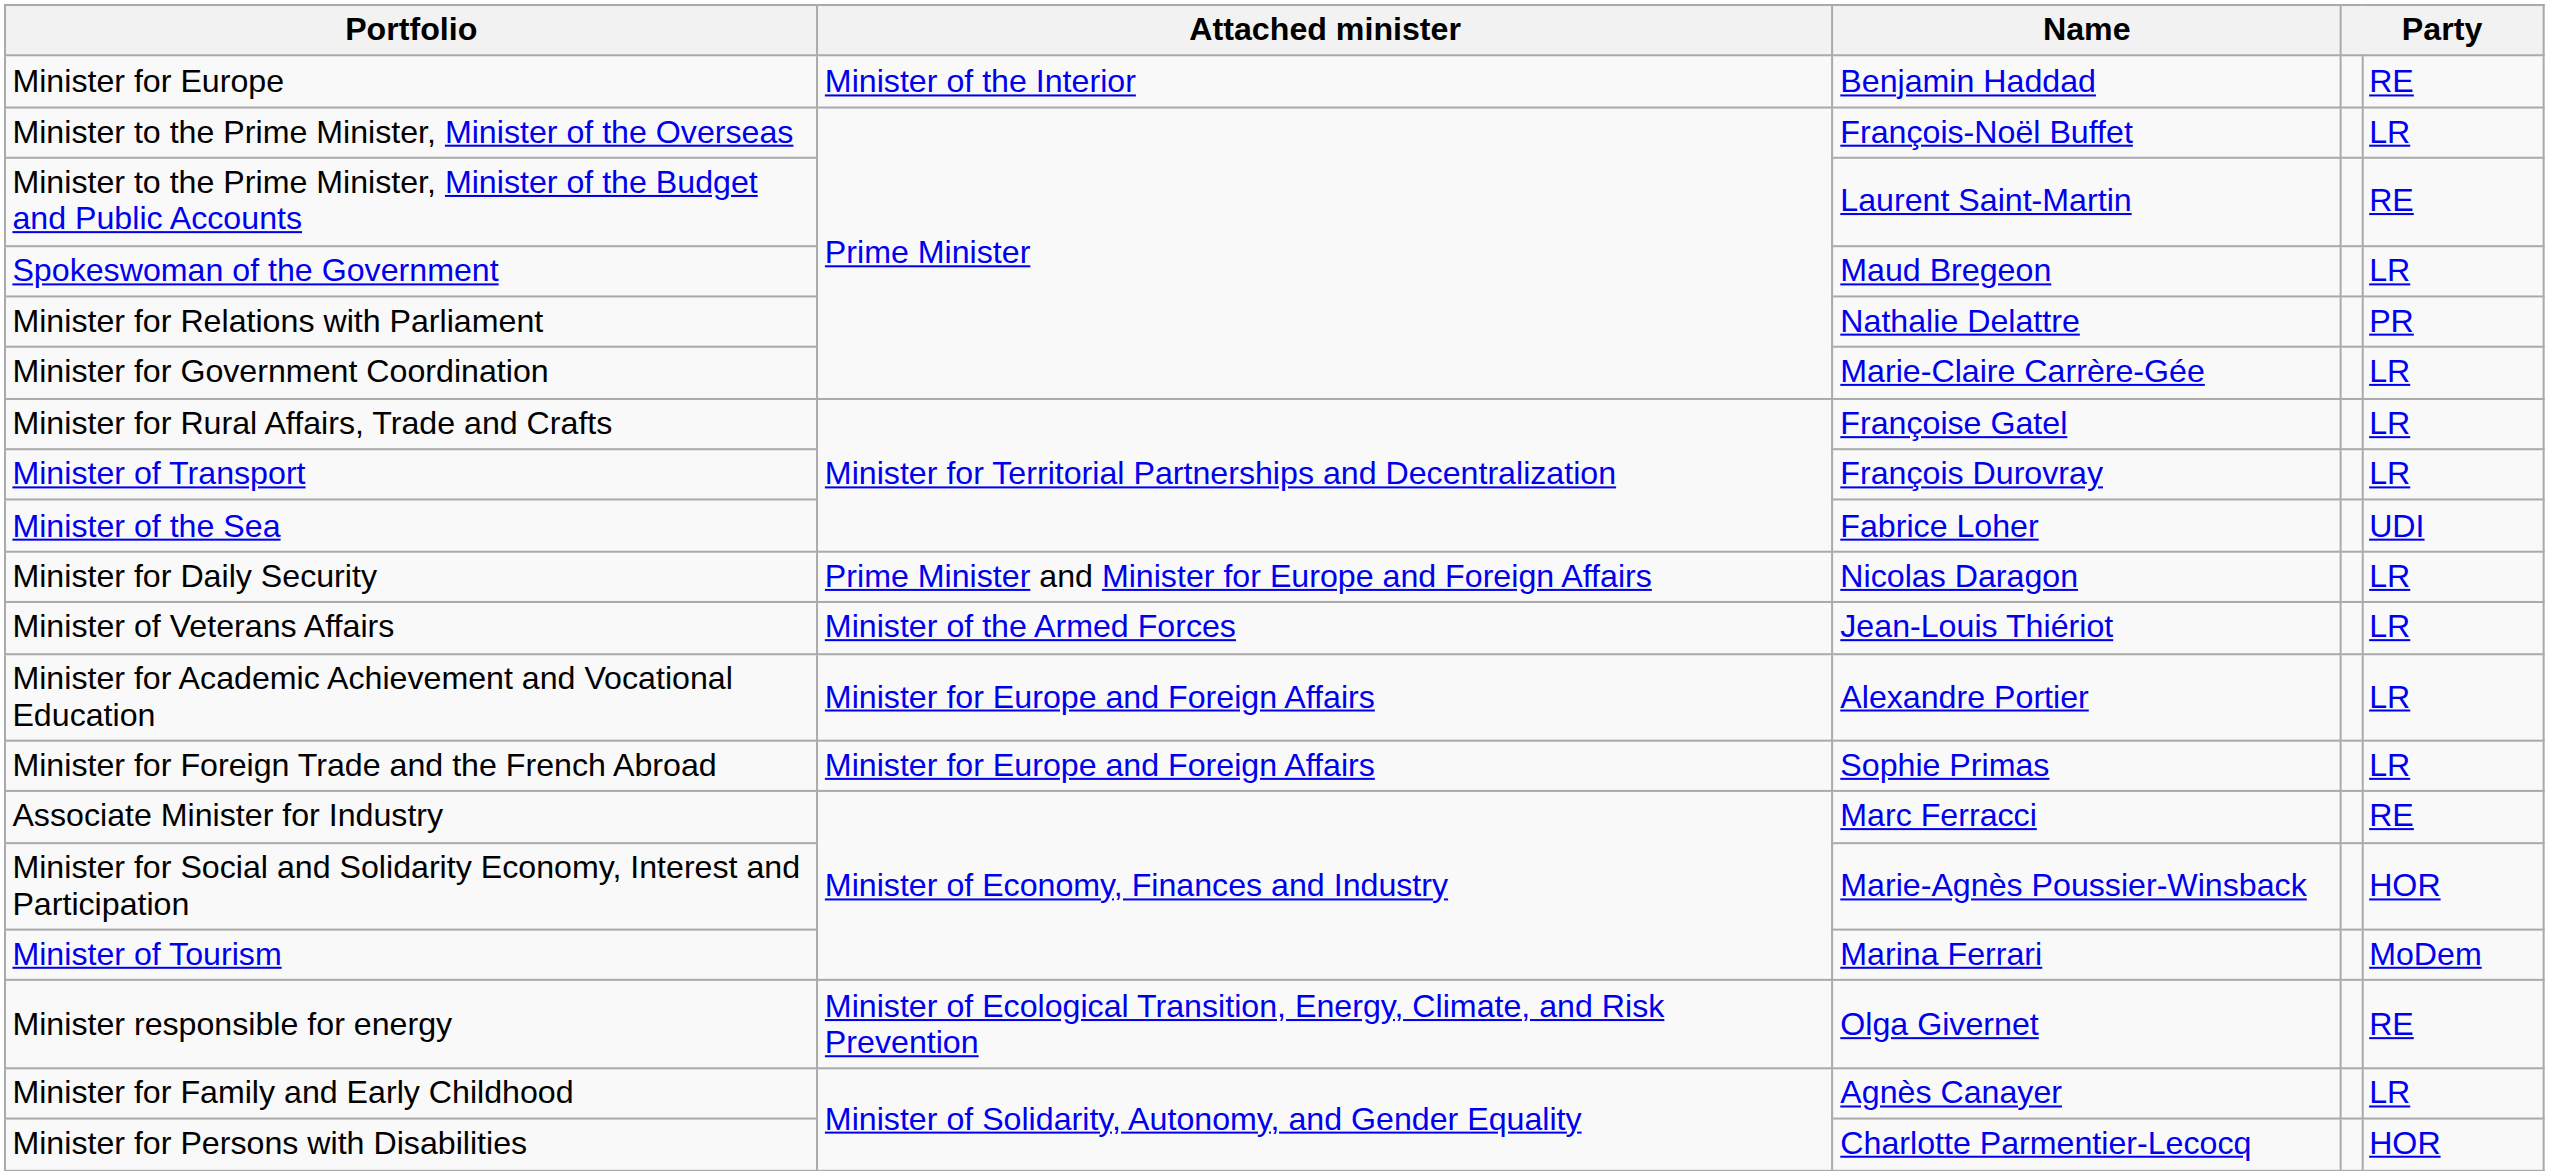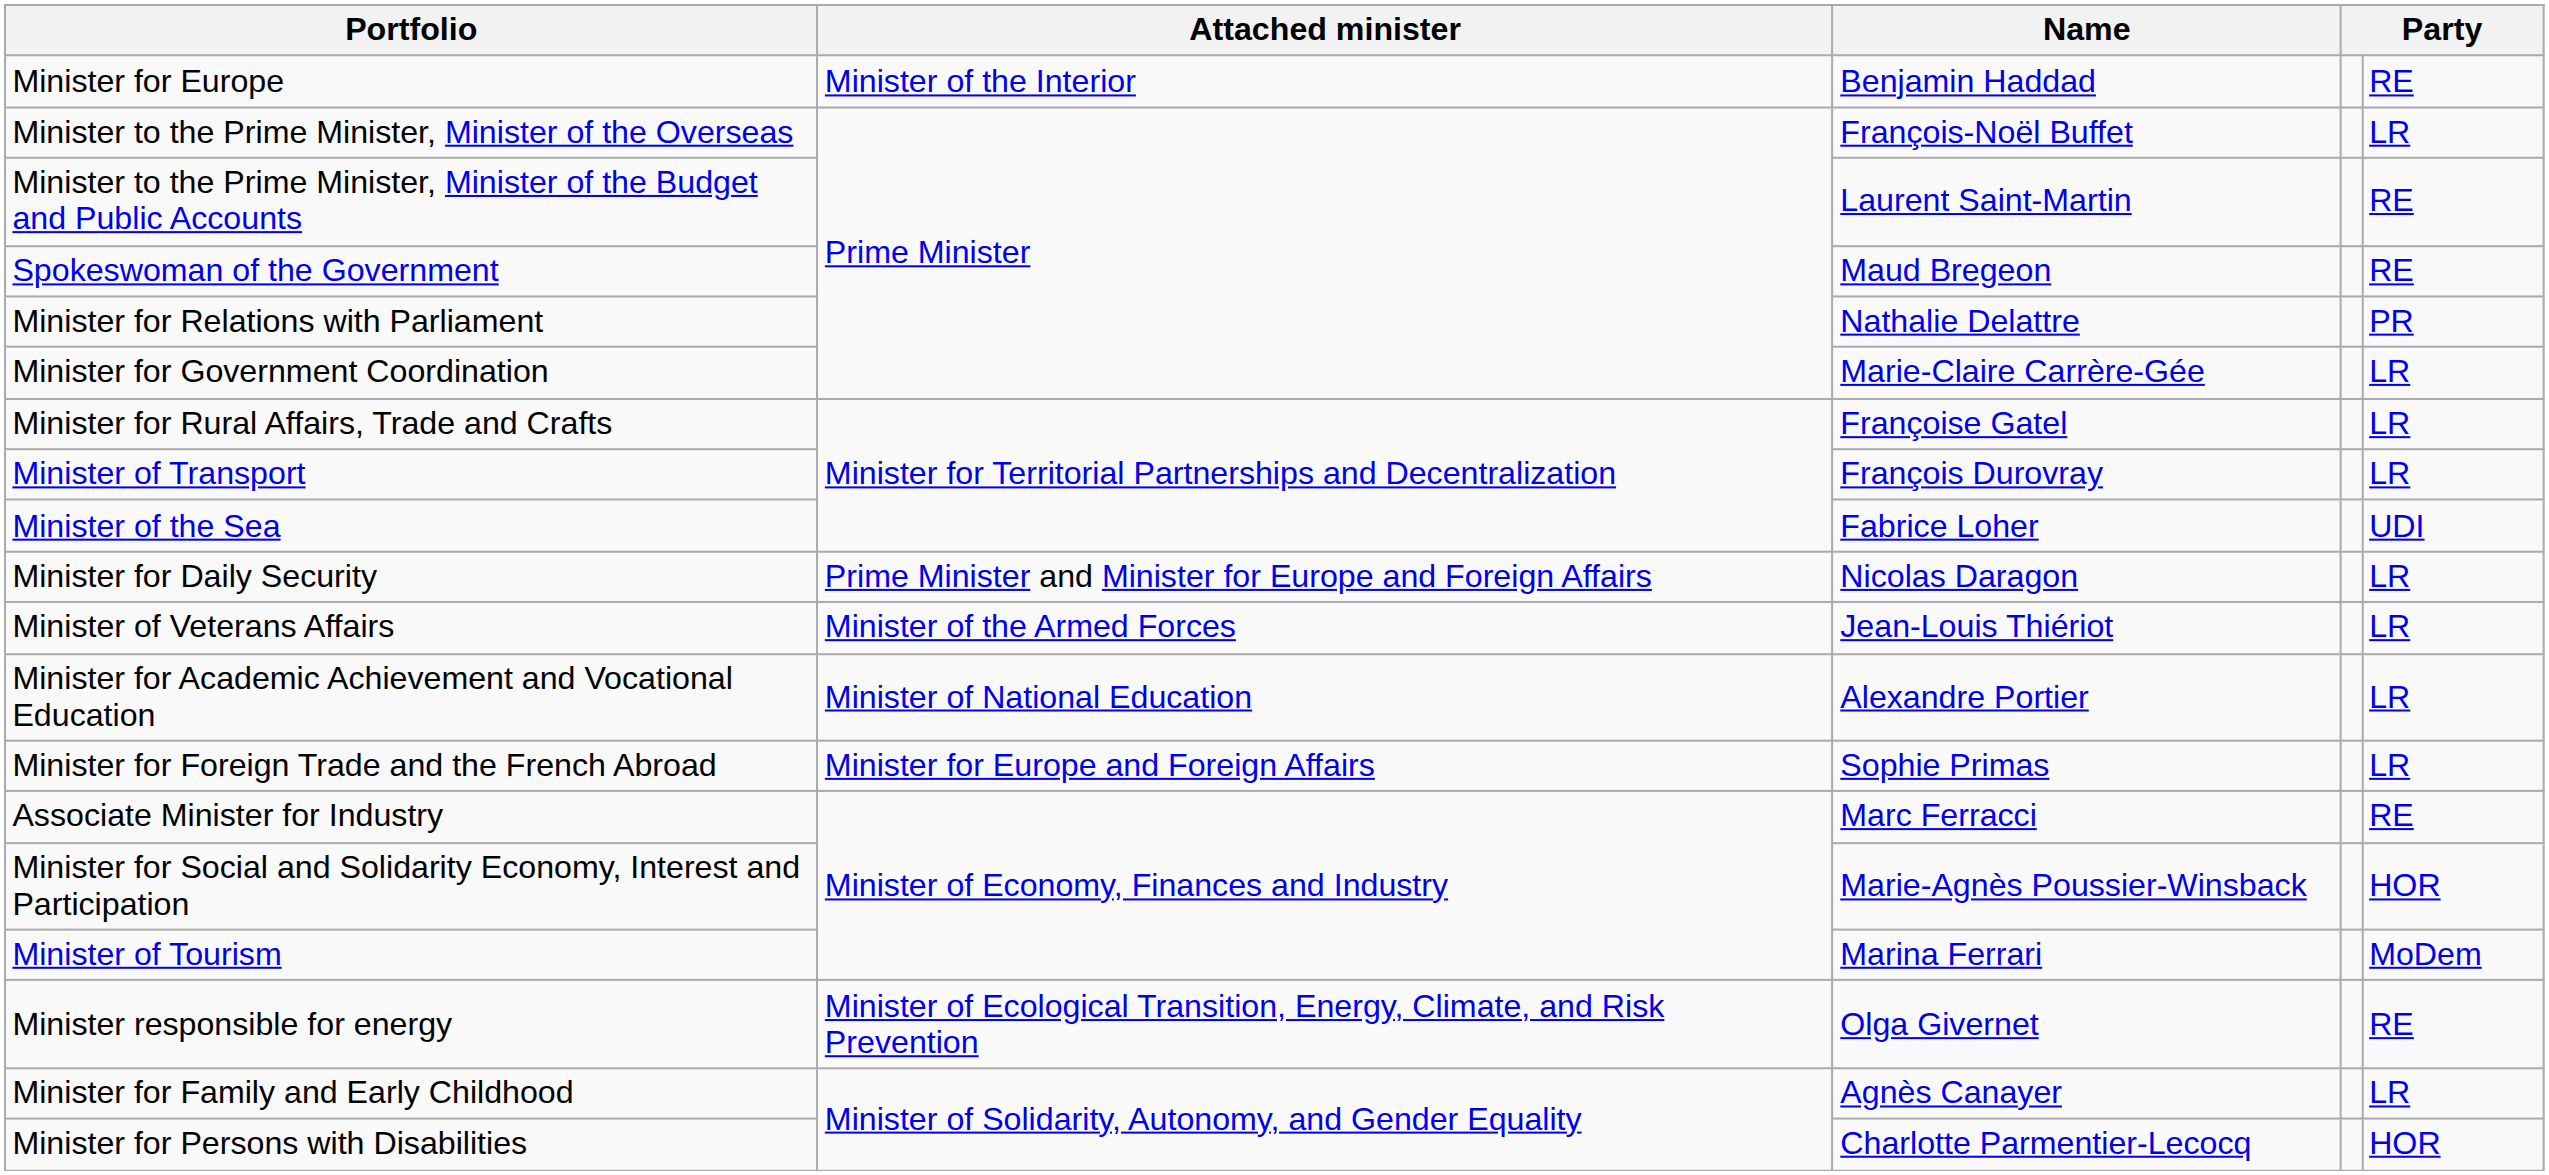 <table class="wikitable" style="width:100%">
 <tr>
 <th>Portfolio</th>
 <th style="width:40%">Attached minister</th>
 <th style="width:20%">Name</th>
 <th style="width:8%" colspan="2">Party</th>
 </tr>
 <tr>
 <td>Minister for Europe</td>
 <td><a href='#'>Minister of the Interior</a></td>
 <td><a href='#'>Benjamin Haddad</a></td>
 <td style="background :"></td>
 <td><a href='#'>RE</a></td>
 </tr>
 <tr>
 <td>Minister to the Prime Minister, <a href='#'>Minister of the Overseas</a></td>
 <td rowspan="5"><a href='#'>Prime Minister</a></td>
 <td><a href='#'>François-Noël Buffet</a></td>
 <td style="background:"></td>
 <td><a href='#'>LR</a></td>
 </tr>
 <tr>
 <td>Minister to the Prime Minister, <a href='#'>Minister of the Budget and Public Accounts</a></td>
 <td><a href='#'>Laurent Saint-Martin</a></td>
 <td style="background:"></td>
 <td><a href='#'>RE</a></td>
 </tr>
 <tr>
 <td><a href='#'>Spokeswoman of the Government</a></td>
 <td><a href='#'>Maud Bregeon</a></td>
 <td style="background:"></td>
-<td><a href='#'>LR</a></td>
+<td><a href='#'>RE</a></td>
 </tr>
 <tr>
 <td>Minister for Relations with Parliament</td>
 <td><a href='#'>Nathalie Delattre</a></td>
 <td style="background:"></td>
 <td><a href='#'>PR</a></td>
 </tr>
 <tr>
 <td>Minister for Government Coordination</td>
 <td><a href='#'>Marie-Claire Carrère-Gée</a></td>
 <td style="background:"></td>
 <td><a href='#'>LR</a></td>
 </tr>
 <tr>
 <td>Minister for Rural Affairs, Trade and Crafts</td>
 <td rowspan= "3"><a href='#'>Minister for Territorial Partnerships and Decentralization</a></td>
 <td><a href='#'>Françoise Gatel</a></td>
 <td style="background:"></td>
 <td><a href='#'>LR</a></td>
 </tr>
 <tr>
 <td><a href='#'>Minister of Transport</a></td>
 <td><a href='#'>François Durovray</a></td>
 <td style="background:"></td>
 <td><a href='#'>LR</a></td>
 </tr>
 <tr>
 <td><a href='#'>Minister of the Sea</a></td>
 <td><a href='#'>Fabrice Loher</a></td>
 <td style="background:"></td>
 <td><a href='#'>UDI</a></td>
 </tr>
 <tr>
 <td>Minister for Daily Security</td>
 <td><a href='#'>Prime Minister</a> and <a href='#'>Minister for Europe and Foreign Affairs</a></td>
 <td><a href='#'>Nicolas Daragon</a></td>
 <td style="background:"></td>
 <td><a href='#'>LR</a></td>
 </tr>
 <tr>
 <td>Minister of Veterans Affairs</td>
 <td><a href='#'>Minister of the Armed Forces</a></td>
 <td><a href='#'>Jean-Louis Thiériot</a></td>
 <td style="background:"></td>
 <td><a href='#'>LR</a></td>
 </tr>
 <tr>
 <td>Minister for Academic Achievement and Vocational Education</td>
-<td><a href='#'>Minister for Europe and Foreign Affairs</a></td>
+<td><a href='#'>Minister of National Education</a></td>
 <td><a href='#'>Alexandre Portier</a></td>
 <td style="background:"></td>
 <td><a href='#'>LR</a></td>
 </tr>
 <tr>
 <td>Minister for Foreign Trade and the French Abroad</td>
 <td><a href='#'>Minister for Europe and Foreign Affairs</a></td>
 <td><a href='#'>Sophie Primas</a></td>
 <td style="background:"></td>
 <td><a href='#'>LR</a></td>
 </tr>
 <tr>
 <td>Associate Minister for Industry</td>
 <td rowspan ="3"><a href='#'>Minister of Economy, Finances and Industry</a></td>
 <td><a href='#'>Marc Ferracci</a></td>
 <td style="background:"></td>
 <td><a href='#'>RE</a></td>
 </tr>
 <tr>
 <td>Minister for Social and Solidarity Economy, Interest and Participation</td>
 <td><a href='#'>Marie-Agnès Poussier-Winsback</a></td>
 <td style="background:"></td>
 <td><a href='#'>HOR</a></td>
 </tr>
 <tr>
 <td><a href='#'>Minister of Tourism</a></td>
 <td><a href='#'>Marina Ferrari</a></td>
 <td style="background:"></td>
 <td><a href='#'>MoDem</a></td>
 </tr>
 <tr>
 <td>Minister responsible for energy</td>
 <td><a href='#'>Minister of Ecological Transition, Energy, Climate, and Risk Prevention</a></td>
 <td><a href='#'>Olga Givernet</a></td>
 <td style="background:"></td>
 <td><a href='#'>RE</a></td>
 </tr>
 <tr>
 <td>Minister for Family and Early Childhood</td>
 <td rowspan= "2"><a href='#'>Minister of Solidarity, Autonomy, and Gender Equality</a></td>
 <td><a href='#'>Agnès Canayer</a></td>
 <td style="background:"></td>
 <td><a href='#'>LR</a></td>
 </tr>
 <tr>
 <td>Minister for Persons with Disabilities</td>
 <td><a href='#'>Charlotte Parmentier-Lecocq</a></td>
 <td style="background:"></td>
 <td><a href='#'>HOR</a></td>
 </tr>
 </table>
